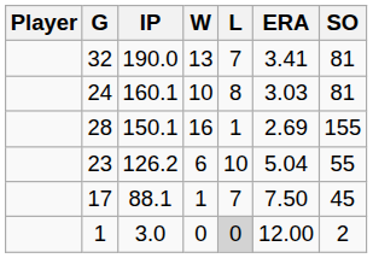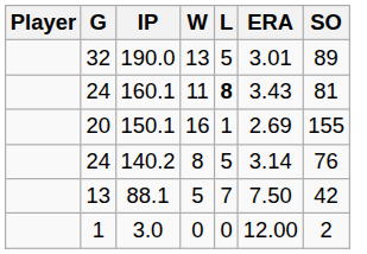 <table class="wikitable sortable" style="text-align:center">
 <tr>
 <th>Player</th>
 <th>G</th>
 <th>IP</th>
 <th>W</th>
 <th>L</th>
 <th>ERA</th>
 <th>SO</th>
 </tr>
 <tr>
 <td></td>
 <td>32</td>
 <td>190.0</td>
 <td>13</td>
-<td>7</td>
-<td>3.41</td>
-<td>81</td>
+<td>5</td>
+<td>3.01</td>
+<td>89</td>
 </tr>
 <tr>
 <td></td>
 <td>24</td>
 <td>160.1</td>
-<td>10</td>
-<td>8</td>
-<td>3.03</td>
+<td>11</td>
+<td><strong>8</strong></td>
+<td>3.43</td>
 <td>81</td>
 </tr>
 <tr>
 <td></td>
-<td>28</td>
+<td>20</td>
 <td>150.1</td>
 <td>16</td>
 <td>1</td>
 <td>2.69</td>
 <td>155</td>
 </tr>
 <tr>
 <td></td>
-<td>23</td>
-<td>126.2</td>
-<td>6</td>
-<td>10</td>
-<td>5.04</td>
-<td>55</td>
+<td>24</td>
+<td>140.2</td>
+<td>8</td>
+<td>5</td>
+<td>3.14</td>
+<td>76</td>
 </tr>
 <tr>
 <td></td>
-<td>17</td>
+<td>13</td>
 <td>88.1</td>
-<td>1</td>
+<td>5</td>
 <td>7</td>
 <td>7.50</td>
-<td>45</td>
+<td>42</td>
 </tr>
 <tr>
 <td></td>
 <td>1</td>
 <td>3.0</td>
 <td>0</td>
-<td style="background: lightgrey;">0</td>
+<td>0</td>
 <td>12.00</td>
 <td>2</td>
 </tr>
 </table>
